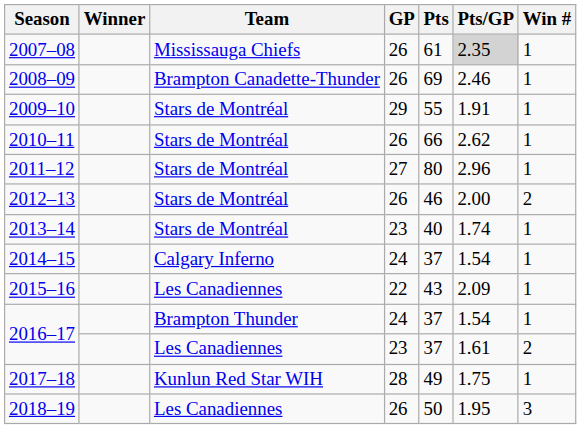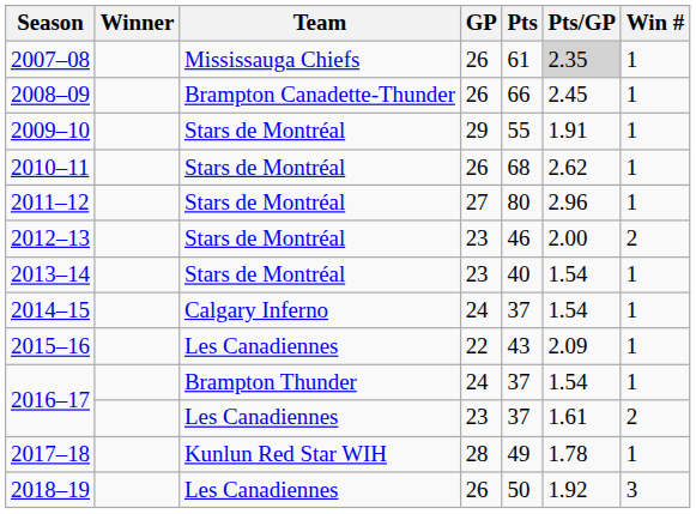 <table class="wikitable sortable" style="width=60%">
 <tr>
 <th>Season</th>
 <th>Winner</th>
 <th>Team</th>
 <th>GP</th>
 <th>Pts</th>
 <th>Pts/GP</th>
 <th>Win #</th>
 </tr>
 <tr>
 <td><a href='#'>2007–08</a></td>
 <td></td>
 <td><a href='#'>Mississauga Chiefs</a></td>
 <td>26</td>
 <td>61</td>
 <td style="background: lightgrey;">2.35</td>
 <td>1</td>
 </tr>
 <tr>
 <td><a href='#'>2008–09</a></td>
 <td></td>
 <td><a href='#'>Brampton Canadette-Thunder</a></td>
 <td>26</td>
-<td>69</td>
-<td>2.46</td>
+<td>66</td>
+<td>2.45</td>
 <td>1</td>
 </tr>
 <tr>
 <td><a href='#'>2009–10</a></td>
 <td></td>
 <td><a href='#'>Stars de Montréal</a></td>
 <td>29</td>
 <td>55</td>
 <td>1.91</td>
 <td>1</td>
 </tr>
 <tr>
 <td><a href='#'>2010–11</a></td>
 <td></td>
 <td><a href='#'>Stars de Montréal</a></td>
 <td>26</td>
-<td>66</td>
+<td>68</td>
 <td>2.62</td>
 <td>1</td>
 </tr>
 <tr>
 <td><a href='#'>2011–12</a></td>
 <td></td>
 <td><a href='#'>Stars de Montréal</a></td>
 <td>27</td>
 <td>80</td>
 <td>2.96</td>
 <td>1</td>
 </tr>
 <tr>
 <td><a href='#'>2012–13</a></td>
 <td></td>
 <td><a href='#'>Stars de Montréal</a></td>
-<td>26</td>
+<td>23</td>
 <td>46</td>
 <td>2.00</td>
 <td>2</td>
 </tr>
 <tr>
 <td><a href='#'>2013–14</a></td>
 <td></td>
 <td><a href='#'>Stars de Montréal</a></td>
 <td>23</td>
 <td>40</td>
-<td>1.74</td>
+<td>1.54</td>
 <td>1</td>
 </tr>
 <tr>
 <td><a href='#'>2014–15</a></td>
 <td></td>
 <td><a href='#'>Calgary Inferno</a></td>
 <td>24</td>
 <td>37</td>
 <td>1.54</td>
 <td>1</td>
 </tr>
 <tr>
 <td><a href='#'>2015–16</a></td>
 <td></td>
 <td><a href='#'>Les Canadiennes</a></td>
 <td>22</td>
 <td>43</td>
 <td>2.09</td>
 <td>1</td>
 </tr>
 <tr>
 <td rowspan=2><a href='#'>2016–17</a></td>
 <td></td>
 <td><a href='#'>Brampton Thunder</a></td>
 <td>24</td>
 <td>37</td>
 <td>1.54</td>
 <td>1</td>
 </tr>
 <tr>
 <td></td>
 <td><a href='#'>Les Canadiennes</a></td>
 <td>23</td>
 <td>37</td>
 <td>1.61</td>
 <td>2</td>
 </tr>
 <tr>
 <td><a href='#'>2017–18</a></td>
 <td></td>
 <td><a href='#'>Kunlun Red Star WIH</a></td>
 <td>28</td>
 <td>49</td>
-<td>1.75</td>
+<td>1.78</td>
 <td>1</td>
 </tr>
 <tr>
 <td><a href='#'>2018–19</a></td>
 <td></td>
 <td><a href='#'>Les Canadiennes</a></td>
 <td>26</td>
 <td>50</td>
-<td>1.95</td>
+<td>1.92</td>
 <td>3</td>
 </tr>
 </table>
